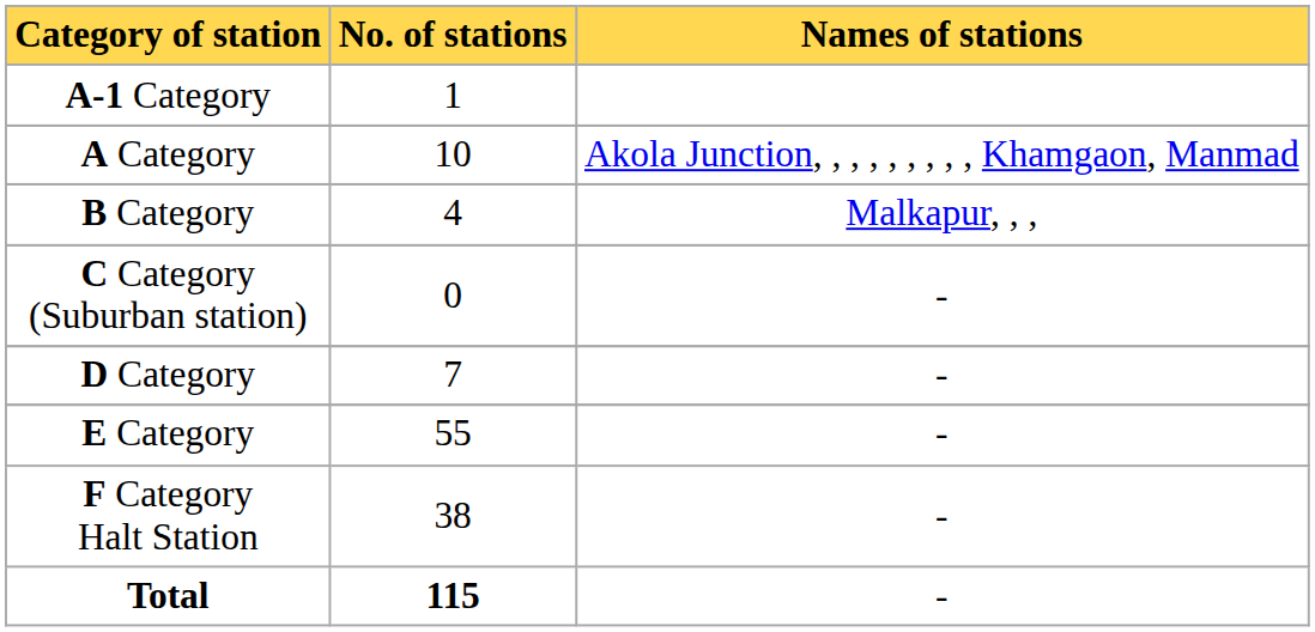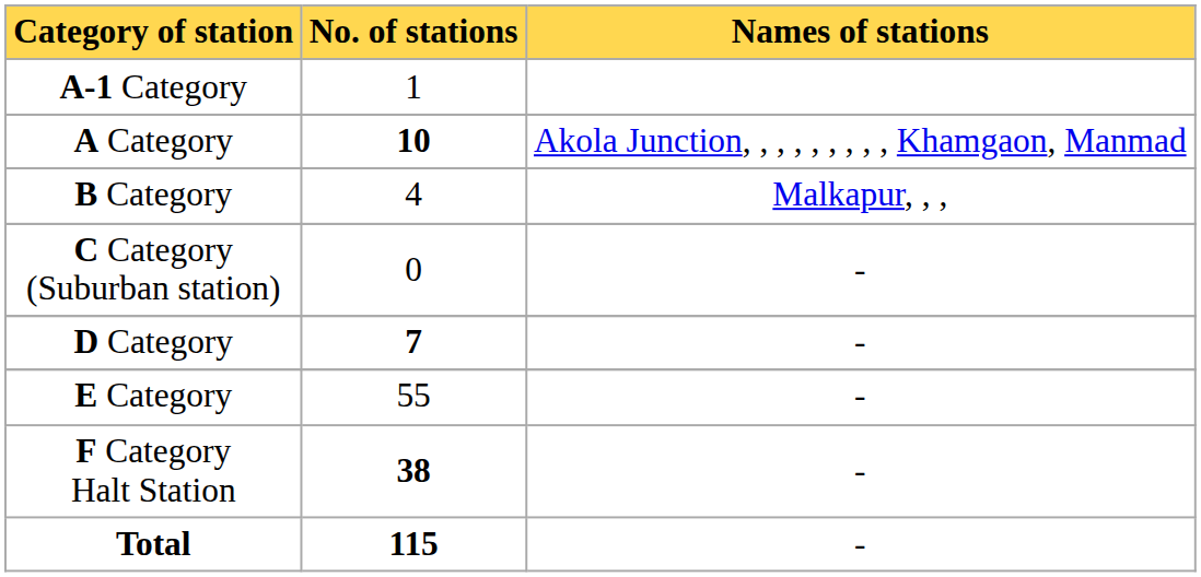 <table class="wikitable sortable" style="background:#fff;">
 <tr>
 <th style="background:#ffd750;" !>Category of station</th>
 <th style="background:#ffd750;" !>No. of stations</th>
 <th style="background:#ffd750;" !>Names of stations</th>
 </tr>
 <tr>
 <td style="text-align:center;"><strong>A-1</strong> Category</td>
 <td style="text-align:center;">1</td>
 <td style="text-align:center;"></td>
 </tr>
 <tr>
 </tr>
 <tr>
 <td style="text-align:center;"><strong>A</strong> Category</td>
-<td style="text-align:center;">10</td>
+<td style="text-align:center;"><strong>10</strong></td>
 <td style="text-align:center;"><a href='#'>Akola Junction</a>, ,   ,  ,  ,  ,  ,  , , <a href='#'>Khamgaon</a>, <a href='#'>Manmad</a></td>
 </tr>
 <tr>
 </tr>
 <tr>
 <td style="text-align:center;"><strong>B</strong> Category</td>
 <td style="text-align:center;">4</td>
 <td style="text-align:center;"><a href='#'>Malkapur</a>, ,  , </td>
 </tr>
 <tr>
 </tr>
 <tr>
 <td style="text-align:center;"><strong>C</strong> Category<br>(Suburban station)</td>
 <td style="text-align:center;">0</td>
 <td style="text-align:center;">-</td>
 </tr>
 <tr>
 </tr>
 <tr>
 <td style="text-align:center;"><strong>D</strong> Category</td>
-<td style="text-align:center;">7</td>
+<td style="text-align:center;"><strong>7</strong></td>
 <td style="text-align:center;">-</td>
 </tr>
 <tr>
 </tr>
 <tr>
 <td style="text-align:center;"><strong>E</strong> Category</td>
 <td style="text-align:center;">55</td>
 <td style="text-align:center;">-</td>
 </tr>
 <tr>
 <td style="text-align:center;"><strong>F</strong> Category<br>Halt Station</td>
-<td style="text-align:center;">38</td>
+<td style="text-align:center;"><strong>38</strong></td>
 <td style="text-align:center;">-</td>
 </tr>
 <tr>
 <td style="text-align:center;"><strong>Total</strong></td>
 <td style="text-align:center;"><strong>115</strong></td>
 <td style="text-align:center;">-</td>
 </tr>
 </table>
